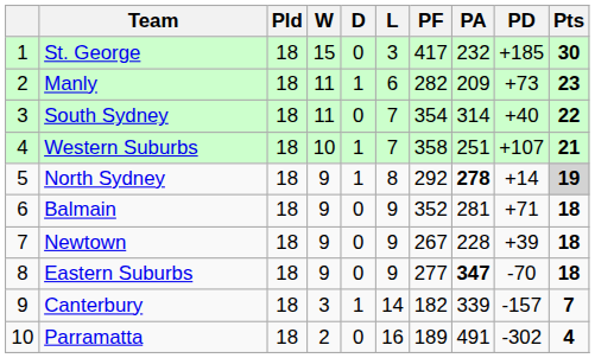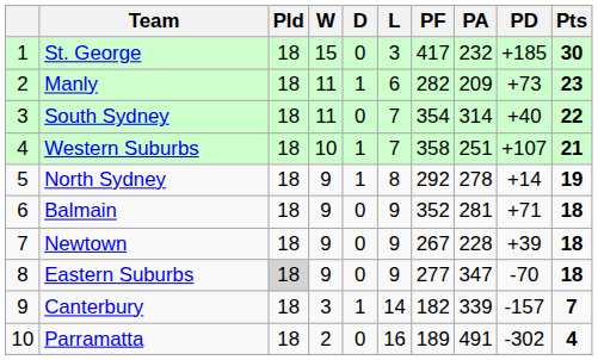 <table class="wikitable" style="text-align:center;">
 <tr>
 <th width=20 abbr="Position×"></th>
 <th width=175>Team</th>
 <th width=20 abbr="Played">Pld</th>
 <th width=20 abbr="Won">W</th>
 <th width=20 abbr="Drawn">D</th>
 <th width=20 abbr="Lost">L</th>
 <th width=20 abbr="Points for">PF</th>
 <th width=20 abbr="Points against">PA</th>
 <th width=20 abbr="Points difference">PD</th>
 <th width=20 abbr="Points">Pts</th>
 </tr>
 <tr style="background: #ccffcc;">
 <td>1</td>
 <td style="text-align:left;"> <a href='#'>St. George</a></td>
 <td>18</td>
 <td>15</td>
 <td>0</td>
 <td>3</td>
 <td>417</td>
 <td>232</td>
 <td>+185</td>
 <td><strong>30</strong></td>
 </tr>
 <tr style="background: #ccffcc;">
 <td>2</td>
 <td style="text-align:left;"> <a href='#'>Manly</a></td>
 <td>18</td>
 <td>11</td>
 <td>1</td>
 <td>6</td>
 <td>282</td>
 <td>209</td>
 <td>+73</td>
 <td><strong>23</strong></td>
 </tr>
 <tr style="background: #ccffcc;">
 <td>3</td>
 <td style="text-align:left;"> <a href='#'>South Sydney</a></td>
 <td>18</td>
 <td>11</td>
 <td>0</td>
 <td>7</td>
 <td>354</td>
 <td>314</td>
 <td>+40</td>
 <td><strong>22</strong></td>
 </tr>
 <tr style="background: #ccffcc;">
 <td>4</td>
 <td style="text-align:left;"> <a href='#'>Western Suburbs</a></td>
 <td>18</td>
 <td>10</td>
 <td>1</td>
 <td>7</td>
 <td>358</td>
 <td>251</td>
 <td>+107</td>
 <td><strong>21</strong></td>
 </tr>
 <tr>
 <td>5</td>
 <td style="text-align:left;"> <a href='#'>North Sydney</a></td>
 <td>18</td>
 <td>9</td>
 <td>1</td>
 <td>8</td>
 <td>292</td>
-<td><strong>278</strong></td>
+<td>278</td>
 <td>+14</td>
-<td style="background: lightgrey;"><strong>19</strong></td>
+<td><strong>19</strong></td>
 </tr>
 <tr>
 <td>6</td>
 <td style="text-align:left;"> <a href='#'>Balmain</a></td>
 <td>18</td>
 <td>9</td>
 <td>0</td>
 <td>9</td>
 <td>352</td>
 <td>281</td>
 <td>+71</td>
 <td><strong>18</strong></td>
 </tr>
 <tr>
 <td>7</td>
 <td style="text-align:left;"> <a href='#'>Newtown</a></td>
 <td>18</td>
 <td>9</td>
 <td>0</td>
 <td>9</td>
 <td>267</td>
 <td>228</td>
 <td>+39</td>
 <td><strong>18</strong></td>
 </tr>
 <tr>
 <td>8</td>
 <td style="text-align:left;"> <a href='#'>Eastern Suburbs</a></td>
-<td>18</td>
+<td style="background: lightgrey;">18</td>
 <td>9</td>
 <td>0</td>
 <td>9</td>
 <td>277</td>
-<td><strong>347</strong></td>
+<td>347</td>
 <td>-70</td>
 <td><strong>18</strong></td>
 </tr>
 <tr>
 <td>9</td>
 <td style="text-align:left;"> <a href='#'>Canterbury</a></td>
 <td>18</td>
 <td>3</td>
 <td>1</td>
 <td>14</td>
 <td>182</td>
 <td>339</td>
 <td>-157</td>
 <td><strong>7</strong></td>
 </tr>
 <tr>
 <td>10</td>
 <td style="text-align:left;"> <a href='#'>Parramatta</a></td>
 <td>18</td>
 <td>2</td>
 <td>0</td>
 <td>16</td>
 <td>189</td>
 <td>491</td>
 <td>-302</td>
 <td><strong>4</strong></td>
 </tr>
 <tr>
 </tr>
 </table>
